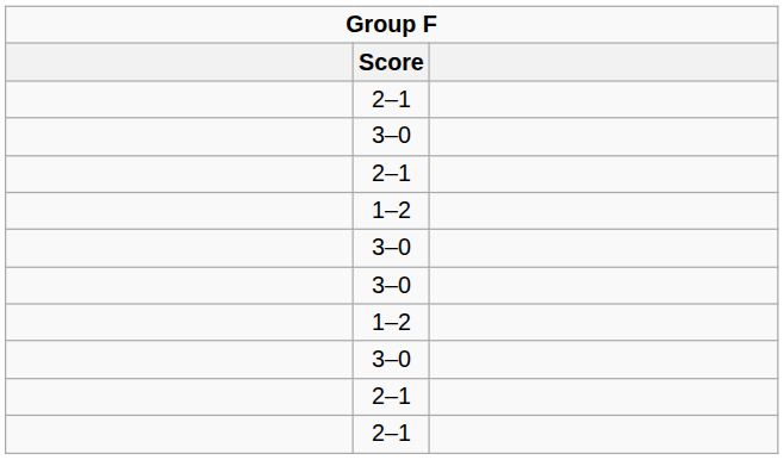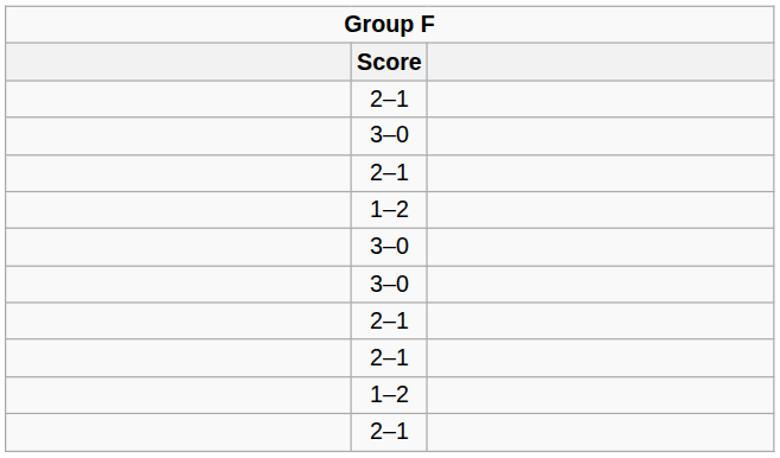 <table class="wikitable" style="text-align: center; display: inline-table;">
 <tr>
 <td colspan="3"><strong>Group F</strong></td>
 </tr>
 <tr>
 <th scope="col" style="width: 230px;"></th>
 <th scope="col" style="width: 30px;">Score</th>
 <th scope="col" style="width: 230px;"></th>
 </tr>
 <tr>
 <td></td>
 <td>2–1</td>
 <td></td>
 </tr>
 <tr>
 <td></td>
 <td>3–0</td>
 <td></td>
 </tr>
 <tr>
 <td></td>
 <td>2–1</td>
 <td></td>
 </tr>
 <tr>
 <td></td>
 <td>1–2</td>
 <td></td>
 </tr>
 <tr>
 <td></td>
 <td>3–0</td>
 <td></td>
 </tr>
 <tr>
 <td></td>
 <td>3–0</td>
 <td></td>
 </tr>
 <tr>
 <td></td>
-<td>1–2</td>
-<td></td>
-</tr>
-<tr>
-<td></td>
-<td>3–0</td>
+<td>2–1</td>
 <td></td>
 </tr>
 <tr>
 <td></td>
 <td>2–1</td>
 <td></td>
 </tr>
 <tr>
 <td></td>
+<td>1–2</td>
+<td></td>
+</tr>
+<tr>
+<td></td>
 <td>2–1</td>
 <td></td>
 </tr>
 </table>
